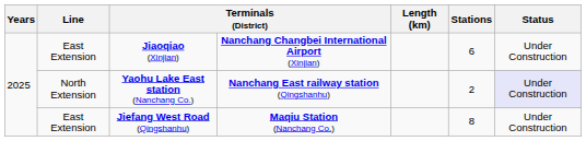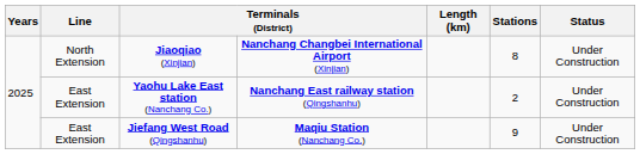 <table class="wikitable" width="800px" align="center" style="font-size:90%">
 <tr>
 <th>Years</th>
 <th>Line</th>
 <th colspan="2">Terminals<br><small>(District)</small></th>
 <th>Length (km)</th>
 <th>Stations</th>
 <th>Status</th>
 </tr>
 <tr>
 <td rowspan="3">2025</td>
-<td style="text-align:center"> East Extension</td>
+<td style="text-align:center"> North Extension</td>
 <td style="text-align:center; line-height:1.05"><a href='#'><strong>Jiaoqiao</strong></a><br><small>(<a href='#'>Xinjian</a>)</small></td>
 <td style="text-align:center; line-height:1.05"><strong><a href='#'>Nanchang Changbei International Airport</a></strong><br><small>(<a href='#'>Xinjian</a>)</small></td>
 <td style="text-align:center; line-height:1.05"></td>
-<td style="text-align:center; line-height:1.05">6</td>
+<td style="text-align:center; line-height:1.05">8</td>
 <td style="text-align:center; line-height:1.05">Under Construction</td>
 </tr>
 <tr>
-<td style="text-align:center"> North Extension</td>
+<td style="text-align:center"> East Extension</td>
 <td style="text-align:center; line-height:1.05"><strong><a href='#'>Yaohu Lake East station</a></strong><br><small>(<a href='#'>Nanchang Co.</a>)</small></td>
 <td style="text-align:center; line-height:1.05"><strong><a href='#'>Nanchang East railway station</a></strong><br><small>(<a href='#'>Qingshanhu</a>)</small></td>
 <td style="text-align:center; line-height:1.05"></td>
 <td style="text-align:center; line-height:1.05">2</td>
-<td style="background: lavender; text-align:center; line-height:1.05">Under Construction</td>
+<td style="text-align:center; line-height:1.05">Under Construction</td>
 </tr>
 <tr>
 <td style="text-align:center"> East Extension</td>
 <td style="text-align:center; line-height:1.05"><a href='#'><strong>Jiefang West Road</strong></a><br><small>(<a href='#'>Qingshanhu</a>)</small></td>
 <td style="text-align:center; line-height:1.05"><strong><a href='#'>Maqiu Station</a></strong><br><small>(<a href='#'>Nanchang Co.</a>)</small></td>
 <td style="text-align:center; line-height:1.05"></td>
-<td style="text-align:center; line-height:1.05">8</td>
+<td style="text-align:center; line-height:1.05">9</td>
 <td style="text-align:center; line-height:1.05">Under Construction</td>
 </tr>
 </table>
